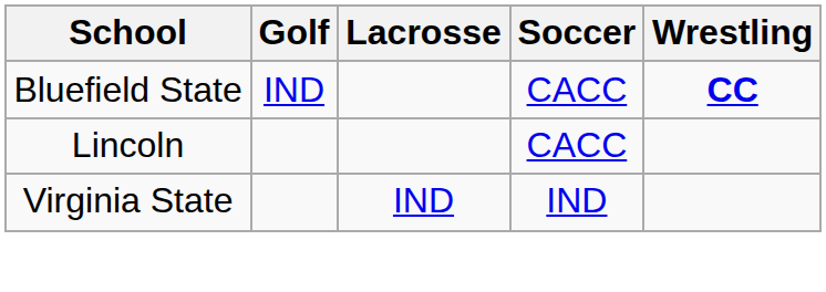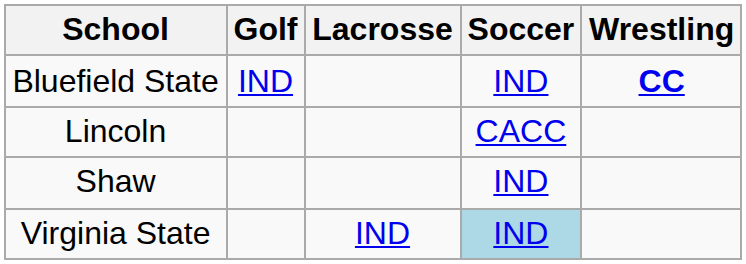 <table class="wikitable" style="text-align:center;">
 <tr>
 <th>School</th>
 <th>Golf</th>
 <th>Lacrosse</th>
 <th>Soccer</th>
 <th>Wrestling</th>
 </tr>
 <tr>
 <td>Bluefield State</td>
 <td><a href='#'>IND</a></td>
 <td></td>
-<td><a href='#'>CACC</a></td>
+<td><a href='#'>IND</a></td>
 <td><strong><a href='#'>CC</a></strong></td>
 </tr>
 <tr>
 <td>Lincoln</td>
 <td></td>
 <td></td>
 <td><a href='#'>CACC</a></td>
 <td></td>
 </tr>
 <tr>
+<td>Shaw</td>
+<td></td>
+<td></td>
+<td><a href='#'>IND</a></td>
+<td></td>
+</tr>
+<tr>
 <td>Virginia State</td>
 <td></td>
 <td><a href='#'>IND</a></td>
-<td><a href='#'>IND</a></td>
+<td style="background: lightblue;"><a href='#'>IND</a></td>
 <td></td>
 </tr>
 </table>
